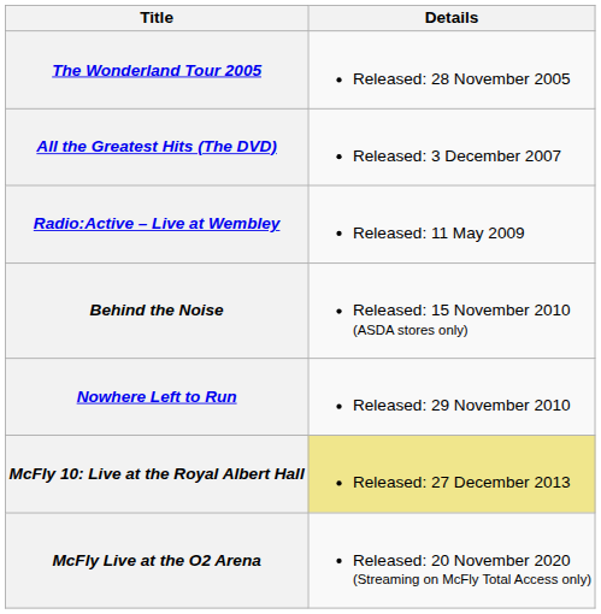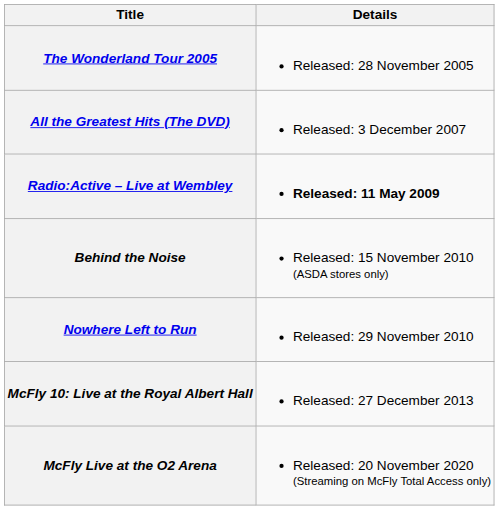 <table class="wikitable plainrowheaders">
 <tr>
 <th scope="col">Title</th>
 <th scope="col">Details</th>
 </tr>
 <tr>
 <th scope="row"><em><a href='#'>The Wonderland Tour 2005</a></em></th>
 <td><br><ul><li>Released: 28 November 2005</li></ul></td>
 </tr>
 <tr>
 <th scope="row"><em><a href='#'>All the Greatest Hits (The DVD)</a></em></th>
 <td><br><ul><li>Released: 3 December 2007</li></ul></td>
 </tr>
 <tr>
 <th scope="row"><em><a href='#'>Radio:Active – Live at Wembley</a></em></th>
-<td><br><ul><li>Released: 11 May 2009</li></ul></td>
+<td><strong><br><ul><li>Released: 11 May 2009</li></ul></strong></td>
 </tr>
 <tr>
 <th scope="row"><em>Behind the Noise</em></th>
 <td><br><ul><li>Released: 15 November 2010 <br><small>(ASDA stores only)</small></li></ul></td>
 </tr>
 <tr>
 <th scope="row"><em><a href='#'>Nowhere Left to Run</a></em></th>
 <td><br><ul><li>Released: 29 November 2010</li></ul></td>
 </tr>
 <tr>
 <th scope="row"><em>McFly 10: Live at the Royal Albert Hall</em></th>
-<td style="background: khaki;"><br><ul><li>Released: 27 December 2013</li></ul></td>
+<td><br><ul><li>Released: 27 December 2013</li></ul></td>
 </tr>
 <tr>
 <th scope="row"><em>McFly Live at the O2 Arena</em></th>
 <td><br><ul><li>Released: 20 November 2020 <br><small>(Streaming on McFly Total Access only)</small></li></ul></td>
 </tr>
 </table>
